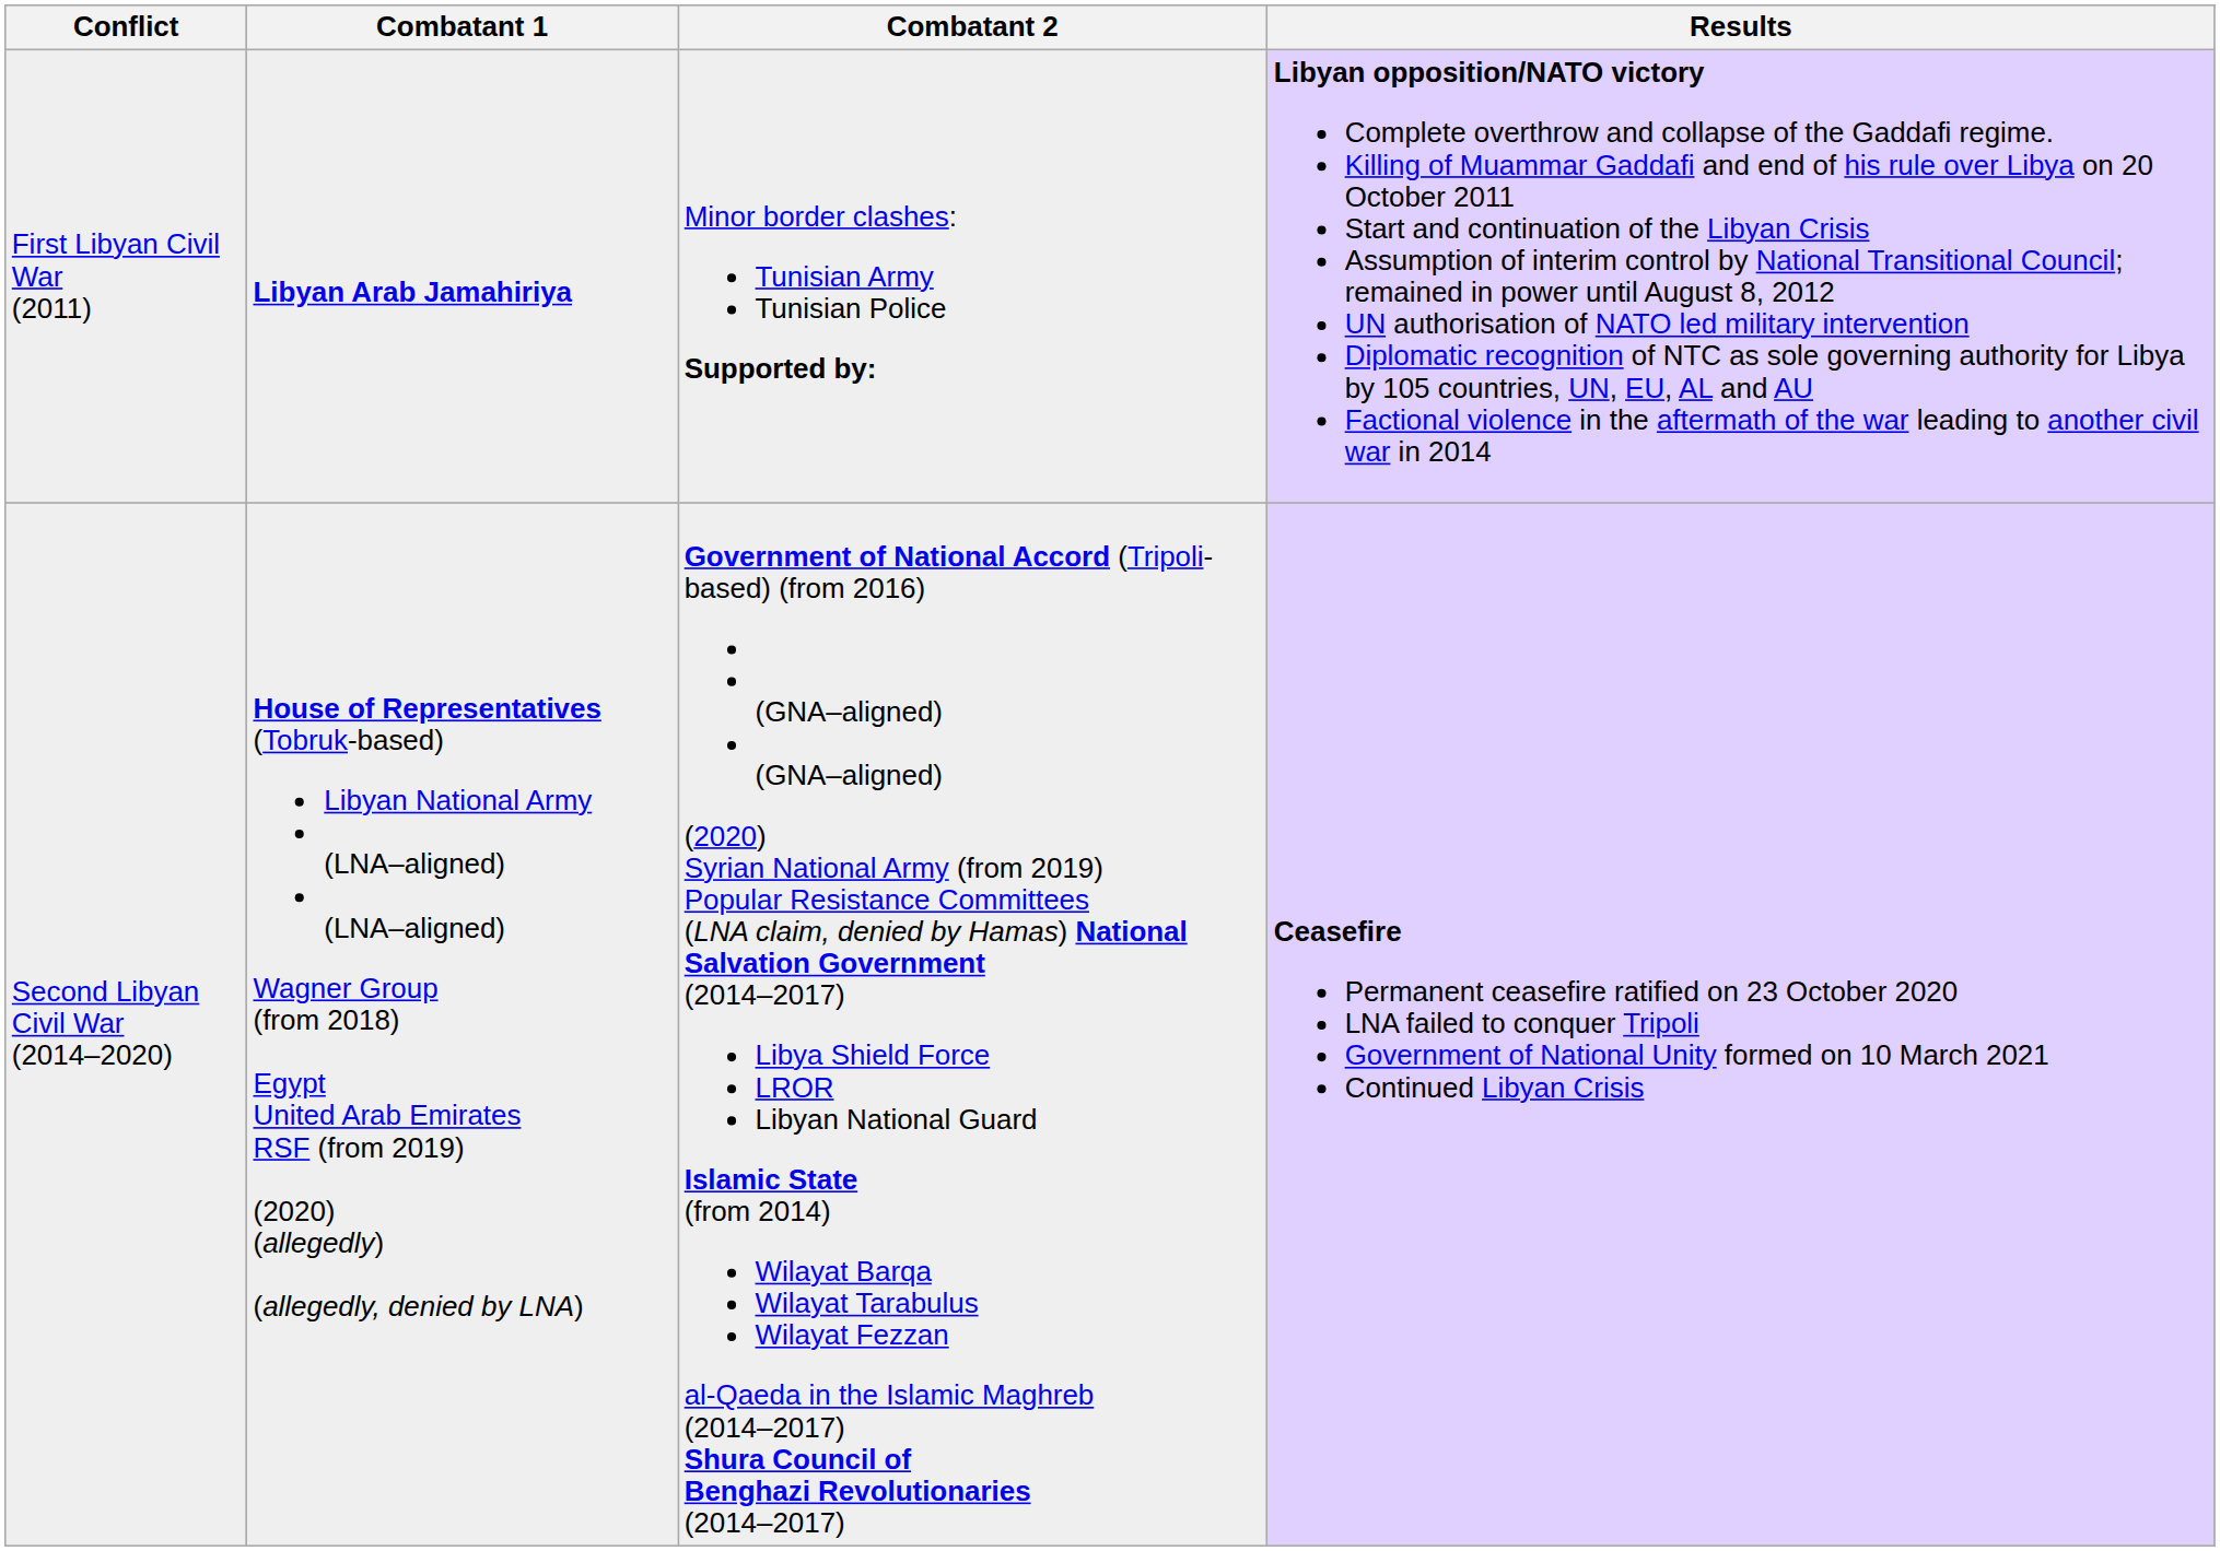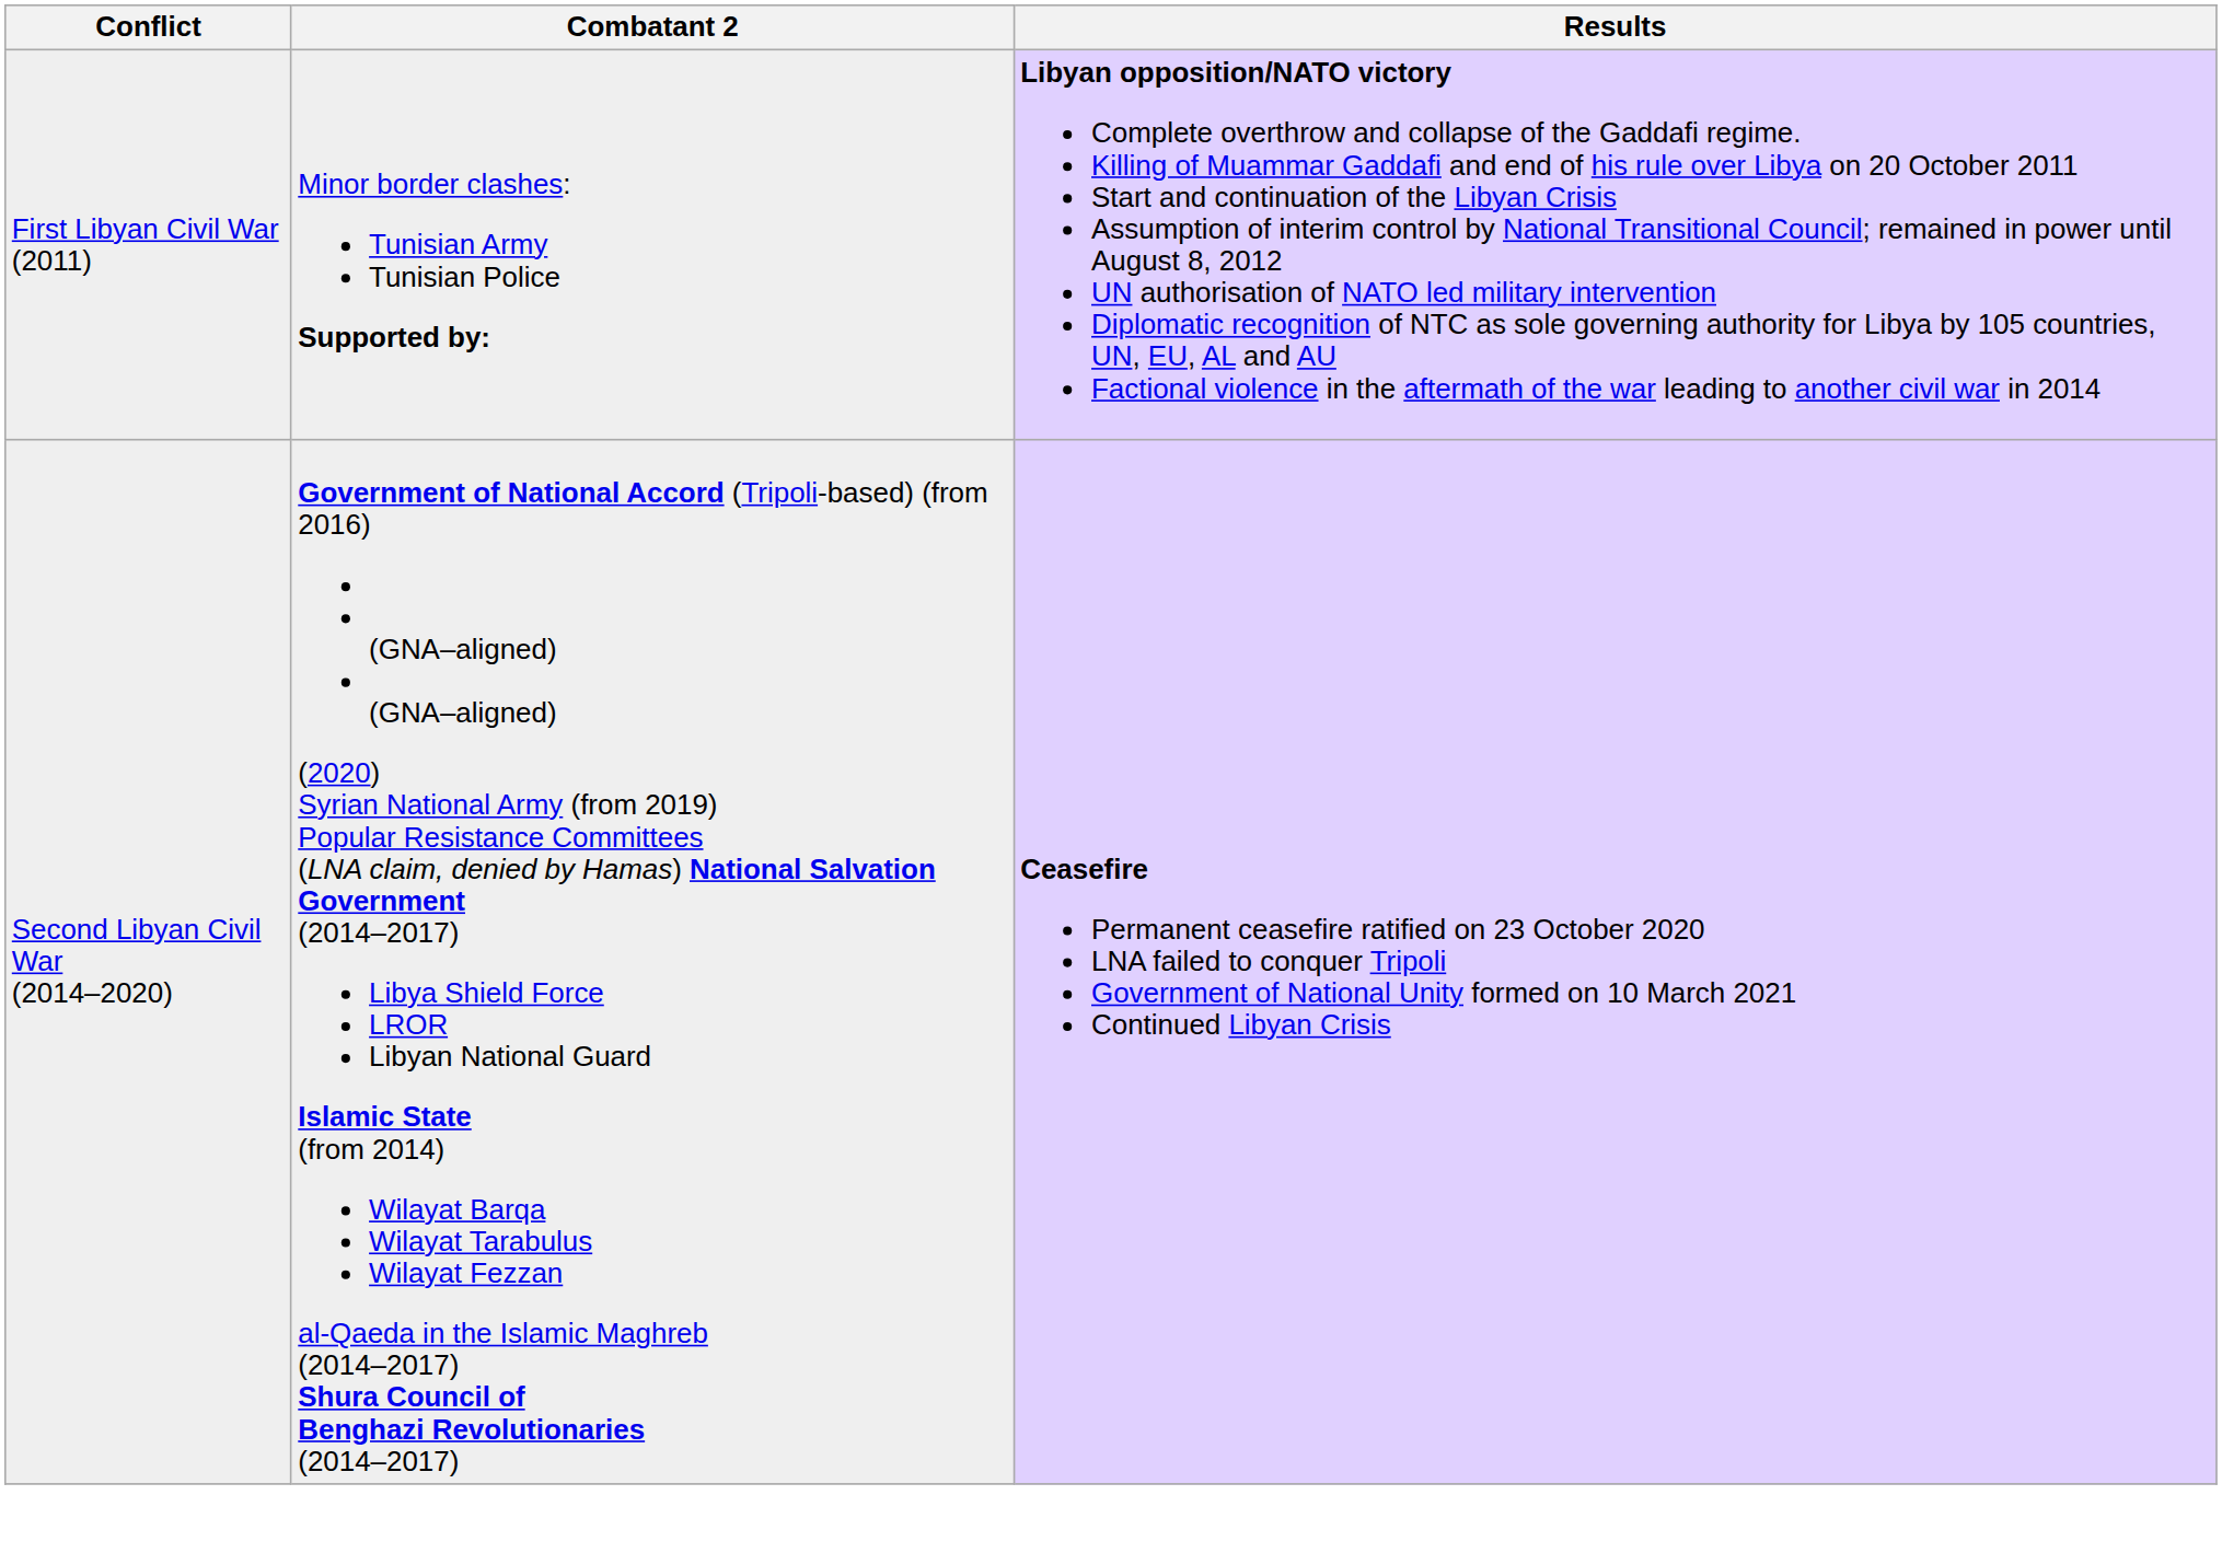 <table class="wikitable">
 <tr>
 <th rowspan="1">Conflict</th>
-<th rowspan="1">Combatant 1</th>
 <th rowspan="1">Combatant 2</th>
 <th rowspan="1">Results</th>
 </tr>
 <tr>
 <td style="background:#efefef"><a href='#'>First Libyan Civil War</a><br>(2011)</td>
-<td style="background:#efefef"><br><strong> <a href='#'>Libyan Arab Jamahiriya</a></strong></td>
 <td style="background:#efefef"><br>  <a href='#'>Minor border clashes</a>:<br><ul><li> <a href='#'>Tunisian Army</a></li><li>Tunisian Police</li></ul><strong>Supported by:</strong><br></td>
 <td style="background:#E0D0FF"><strong>Libyan opposition/NATO victory</strong><br><ul><li>Complete overthrow and collapse of the Gaddafi regime.</li><li><a href='#'>Killing of Muammar Gaddafi</a> and end of <a href='#'>his rule over Libya</a> on 20 October 2011</li><li>Start and continuation of the <a href='#'>Libyan Crisis</a></li><li>Assumption of interim control by <a href='#'>National Transitional Council</a>; remained in power until August 8, 2012</li><li><a href='#'>UN</a> authorisation of <a href='#'>NATO led military intervention</a></li><li><a href='#'>Diplomatic recognition</a> of NTC as sole governing authority for Libya by 105 countries, <a href='#'>UN</a>, <a href='#'>EU</a>, <a href='#'>AL</a> and <a href='#'>AU</a></li><li><a href='#'>Factional violence</a> in the <a href='#'>aftermath of the war</a> leading to <a href='#'>another civil war</a> in 2014</li></ul></td>
 </tr>
 <tr>
 <td style="background:#efefef"><a href='#'>Second Libyan Civil War</a><br>(2014–2020)</td>
-<td style="background:#efefef"> <strong><a href='#'>House of Representatives</a></strong> (<a href='#'>Tobruk</a>-based)<br><ul><li> <a href='#'>Libyan National Army</a></li><li><br>(LNA–aligned)</li><li><br>(LNA–aligned)</li></ul>  <a href='#'>Wagner Group</a><br>(from 2018)<br><br>  <a href='#'>Egypt</a><br>  <a href='#'>United Arab Emirates</a><br> <a href='#'>RSF</a> (from 2019)<br><br>(2020)<br> (<em>allegedly</em>)<br> <br> (<em>allegedly, denied by LNA</em>)<br> <br></td>
 <td style="background:#efefef"><br> <strong><a href='#'>Government of National Accord</a></strong> (<a href='#'>Tripoli</a>-based) (from 2016)<ul><li></li><li><br>(GNA–aligned)</li><li><br>(GNA–aligned)</li></ul>  (<a href='#'>2020</a>)<br> <a href='#'>Syrian National Army</a> (from 2019)<br> <a href='#'>Popular Resistance Committees</a><br> (<em>LNA claim, denied by Hamas</em>)  <strong><a href='#'>National Salvation Government</a></strong><br>(2014–2017)<ul><li> <a href='#'>Libya Shield Force</a></li><li><a href='#'>LROR</a></li><li>Libyan National Guard</li></ul> <strong><a href='#'>Islamic State</a></strong><br> (from 2014)<ul><li><a href='#'>Wilayat Barqa</a></li><li><a href='#'>Wilayat Tarabulus</a></li><li><a href='#'>Wilayat Fezzan</a></li></ul> <a href='#'>al-Qaeda in the Islamic Maghreb</a><br> (2014–2017)<br> <strong><a href='#'>Shura Council of<br>Benghazi Revolutionaries</a></strong><br> (2014–2017)<br> </td>
 <td style="background:#E0D0FF"><strong>Ceasefire</strong><br><ul><li>Permanent ceasefire ratified on 23 October 2020</li><li>LNA failed to conquer <a href='#'>Tripoli</a></li><li><a href='#'>Government of National Unity</a> formed on 10 March 2021</li><li>Continued <a href='#'>Libyan Crisis</a></li></ul></td>
 </tr>
 </table>
